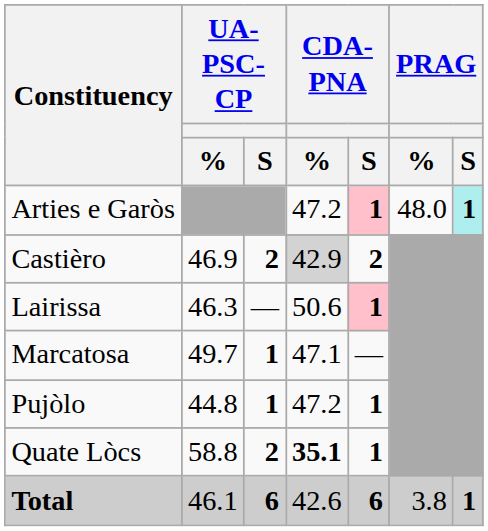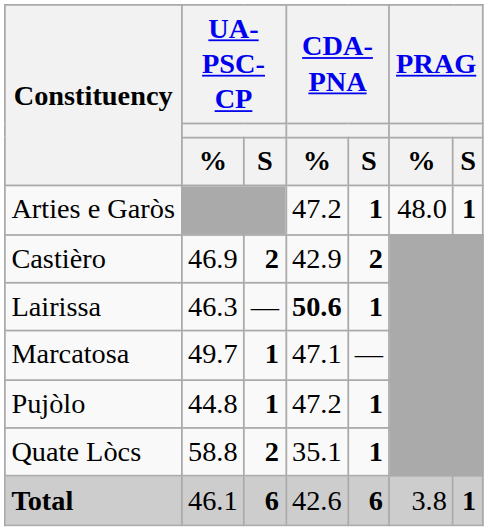 <table class="wikitable sortable" style="text-align:right; line-height:20px;">
 <tr>
 <th rowspan="3">Constituency</th>
 <th colspan="2" width="30px" class="unsortable"><a href='#'>UA-PSC-CP</a></th>
 <th colspan="2" width="30px" class="unsortable"><a href='#'>CDA-PNA</a></th>
 <th colspan="2" width="30px" class="unsortable"><a href='#'>PRAG</a></th>
 </tr>
 <tr>
 <th colspan="2" style="background:"></th>
 <th colspan="2" style="background:"></th>
 <th colspan="2" style="background:"></th>
 </tr>
 <tr>
 <th data-sort-type="number">%</th>
 <th data-sort-type="number">S</th>
 <th data-sort-type="number">%</th>
 <th data-sort-type="number">S</th>
 <th data-sort-type="number">%</th>
 <th data-sort-type="number">S</th>
 </tr>
 <tr>
 <td align="left">Arties e Garòs</td>
 <td colspan="2" bgcolor="#AAAAAA"></td>
 <td>47.2</td>
-<td style="background: pink;"><strong>1</strong></td>
+<td><strong>1</strong></td>
 <td style="background:">48.0</td>
-<td style="background: paleturquoise;"><strong>1</strong></td>
+<td><strong>1</strong></td>
 </tr>
 <tr>
 <td align="left">Castièro</td>
 <td style="background:">46.9</td>
 <td><strong>2</strong></td>
-<td style="background: lightgrey;">42.9</td>
+<td>42.9</td>
 <td><strong>2</strong></td>
 <td colspan="2" rowspan="5" bgcolor="#AAAAAA"></td>
 </tr>
 <tr>
 <td align="left">Lairissa</td>
 <td>46.3</td>
 <td>—</td>
-<td style="background:">50.6</td>
-<td style="background: pink;"><strong>1</strong></td>
+<td style="background:"><strong>50.6</strong></td>
+<td><strong>1</strong></td>
 </tr>
 <tr>
 <td align="left">Marcatosa</td>
 <td style="background:">49.7</td>
 <td><strong>1</strong></td>
 <td>47.1</td>
 <td>—</td>
 </tr>
 <tr>
 <td align="left">Pujòlo</td>
 <td>44.8</td>
 <td><strong>1</strong></td>
 <td style="background:">47.2</td>
 <td><strong>1</strong></td>
 </tr>
 <tr>
 <td align="left">Quate Lòcs</td>
 <td style="background:">58.8</td>
 <td><strong>2</strong></td>
-<td><strong>35.1</strong></td>
+<td>35.1</td>
 <td><strong>1</strong></td>
 </tr>
 <tr style="background:#CDCDCD;">
 <td align="left"><strong>Total</strong></td>
 <td style="background:">46.1</td>
 <td><strong>6</strong></td>
 <td>42.6</td>
 <td><strong>6</strong></td>
 <td>3.8</td>
 <td><strong>1</strong></td>
 </tr>
 </table>
